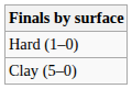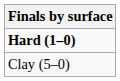 <table class=wikitable style=font-size:90%>
 <tr>
 <th>Finals by surface</th>
 </tr>
 <tr>
-<td>Hard (1–0)</td>
+<td><strong>Hard (1–0)</strong></td>
 </tr>
 <tr>
 <td>Clay (5–0)</td>
 </tr>
 </table>
